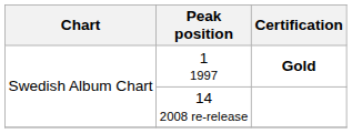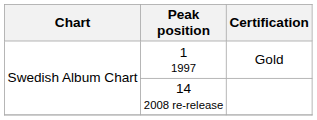 <table class="wikitable sortable" ! style="background: #ffffff;">
 <tr>
 <th align="left">Chart</th>
 <th align="left">Peak<br>position</th>
 <th align="left">Certification</th>
 </tr>
 <tr>
 <td align="left" rowspan="2">Swedish Album Chart</td>
 <td align="center">1<br><small>1997</small></td>
-<td align="center"><strong>Gold</strong></td>
+<td align="center">Gold</td>
 </tr>
 <tr>
 <td align="center">14<br><small>2008 re-release</small></td>
 <td></td>
 </tr>
 <tr>
 </tr>
 </table>
